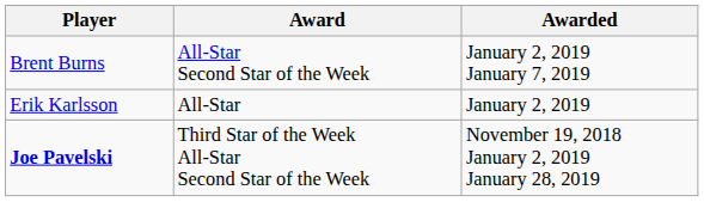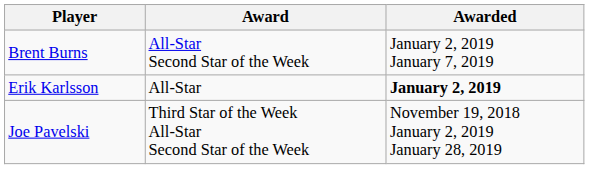 <table class="wikitable sortable" style="width:45%;">
 <tr>
 <th>Player</th>
 <th>Award</th>
 <th>Awarded</th>
 </tr>
 <tr>
 <td><a href='#'>Brent Burns</a></td>
 <td><a href='#'>All-Star</a><br>Second Star of the Week</td>
 <td>January 2, 2019<br>January 7, 2019</td>
 </tr>
 <tr>
 <td><a href='#'>Erik Karlsson</a></td>
 <td>All-Star</td>
-<td>January 2, 2019</td>
+<td><strong>January 2, 2019</strong></td>
 </tr>
 <tr>
-<td><strong><a href='#'>Joe Pavelski</a></strong></td>
+<td><a href='#'>Joe Pavelski</a></td>
 <td>Third Star of the Week<br>All-Star<br>Second Star of the Week</td>
 <td>November 19, 2018<br>January 2, 2019<br>January 28, 2019</td>
 </tr>
 </table>
